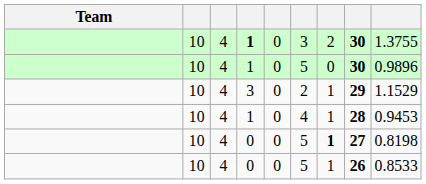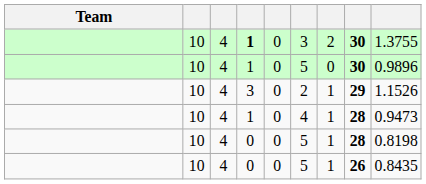 <table class="wikitable" style="text-align:center;">
 <tr>
 <th width=175>Team</th>
 <th style="width:20px;"></th>
 <th style="width:20px;"></th>
 <th style="width:20px;"></th>
 <th style="width:20px;"></th>
 <th style="width:20px;"></th>
 <th style="width:20px;"></th>
 <th style="width:20px;"></th>
 <th style="width:40px;"></th>
 </tr>
 <tr style="background:#cfc">
 <td style="text-align:left;"></td>
 <td>10</td>
 <td>4</td>
 <td><strong>1</strong></td>
 <td>0</td>
 <td>3</td>
 <td>2</td>
 <td><strong>30</strong></td>
 <td>1.3755</td>
 </tr>
 <tr style="background:#cfc">
 <td style="text-align:left;"></td>
 <td>10</td>
 <td>4</td>
 <td>1</td>
 <td>0</td>
 <td>5</td>
 <td>0</td>
 <td><strong>30</strong></td>
 <td>0.9896</td>
 </tr>
 <tr style="background:#f9f9f9;">
 <td style="text-align:left;"></td>
 <td>10</td>
 <td>4</td>
 <td>3</td>
 <td>0</td>
 <td>2</td>
 <td>1</td>
 <td><strong>29</strong></td>
-<td>1.1529</td>
+<td>1.1526</td>
 </tr>
 <tr style="background:#f9f9f9;">
 <td style="text-align:left;"></td>
 <td>10</td>
 <td>4</td>
 <td>1</td>
 <td>0</td>
 <td>4</td>
 <td>1</td>
 <td><strong>28</strong></td>
-<td>0.9453</td>
+<td>0.9473</td>
 </tr>
 <tr style="background:#f9f9f9;">
 <td style="text-align:left;"></td>
 <td>10</td>
 <td>4</td>
 <td>0</td>
 <td>0</td>
 <td>5</td>
-<td><strong>1</strong></td>
-<td><strong>27</strong></td>
+<td>1</td>
+<td><strong>28</strong></td>
 <td>0.8198</td>
 </tr>
 <tr style="background:#f9f9f9;">
 <td style="text-align:left;"></td>
 <td>10</td>
 <td>4</td>
 <td>0</td>
 <td>0</td>
 <td>5</td>
 <td>1</td>
 <td><strong>26</strong></td>
-<td>0.8533</td>
+<td>0.8435</td>
 </tr>
 </table>
